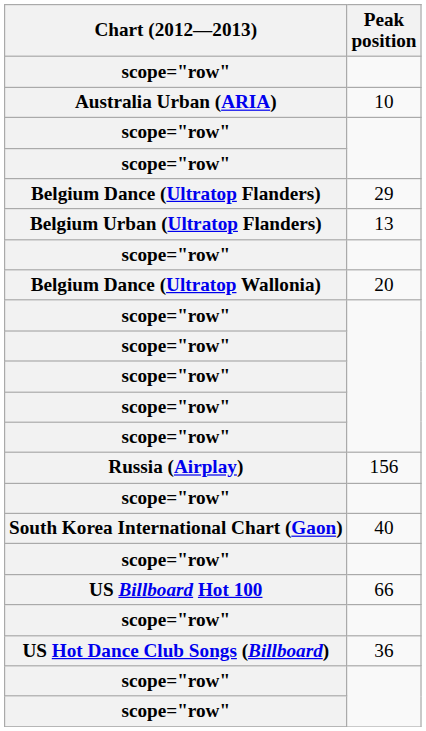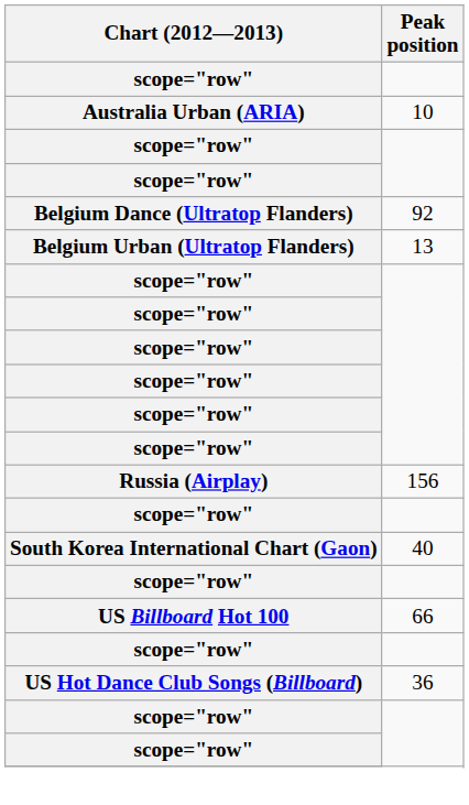 <table class="wikitable sortable plainrowheaders" border="1">
 <tr>
 <th scope="col">Chart (2012—2013)</th>
 <th scope="col">Peak<br>position</th>
 </tr>
 <tr>
 <th>scope="row"</th>
 </tr>
 <tr>
 <th scope="row">Australia Urban (<a href='#'>ARIA</a>)</th>
 <td align="center">10</td>
 </tr>
 <tr>
 <th>scope="row"</th>
 </tr>
 <tr>
 <th>scope="row"</th>
 </tr>
 <tr>
 <th scope="row">Belgium Dance (<a href='#'>Ultratop</a> Flanders)</th>
-<td align="center">29</td>
+<td align="center">92</td>
 </tr>
 <tr>
 <th scope="row">Belgium Urban (<a href='#'>Ultratop</a> Flanders)</th>
 <td align="center">13</td>
 </tr>
 <tr>
 <th>scope="row"</th>
-</tr>
-<tr>
-<th scope="row">Belgium Dance (<a href='#'>Ultratop</a> Wallonia)</th>
-<td align="center">20</td>
 </tr>
 <tr>
 <th>scope="row"</th>
 </tr>
 <tr>
 <th>scope="row"</th>
 </tr>
 <tr>
 <th>scope="row"</th>
 </tr>
 <tr>
 <th>scope="row"</th>
 </tr>
 <tr>
 <th>scope="row"</th>
 </tr>
 <tr>
 <th scope="row">Russia (<a href='#'>Airplay</a>)</th>
 <td style="text-align:center;">156</td>
 </tr>
 <tr>
 <th>scope="row"</th>
 </tr>
 <tr>
 <th scope="row">South Korea International Chart (<a href='#'>Gaon</a>)</th>
 <td align="center">40</td>
 </tr>
 <tr>
 <th>scope="row"</th>
 </tr>
 <tr>
 <th scope="row">US <em><a href='#'>Billboard</a></em> <a href='#'>Hot 100</a></th>
 <td align="center">66</td>
 </tr>
 <tr>
 <th>scope="row"</th>
 </tr>
 <tr>
 <th scope="row">US <a href='#'>Hot Dance Club Songs</a> (<em><a href='#'>Billboard</a></em>)</th>
 <td align="center">36</td>
 </tr>
 <tr>
 <th>scope="row"</th>
 </tr>
 <tr>
 <th>scope="row"</th>
 </tr>
 <tr>
 </tr>
 </table>
